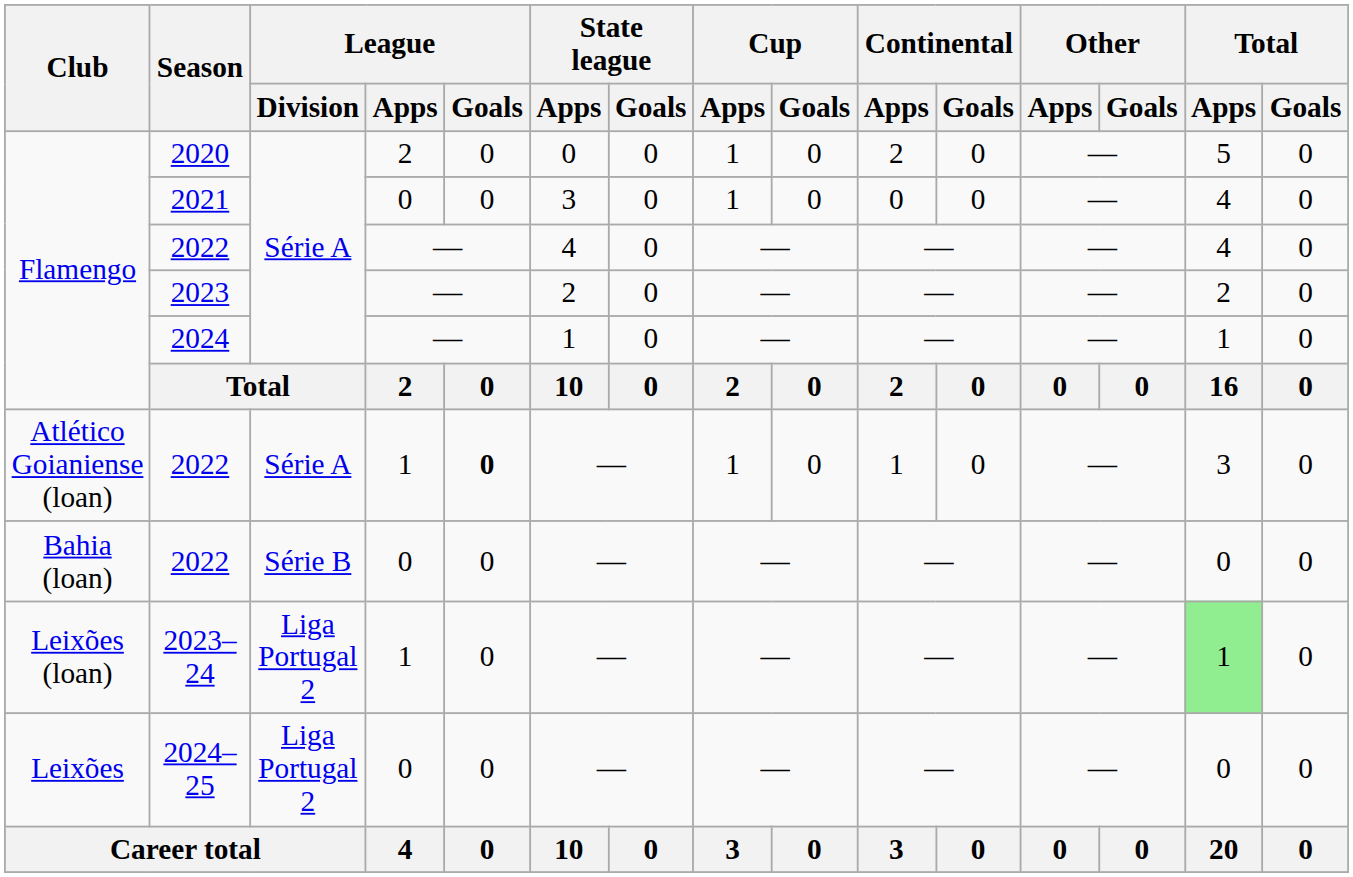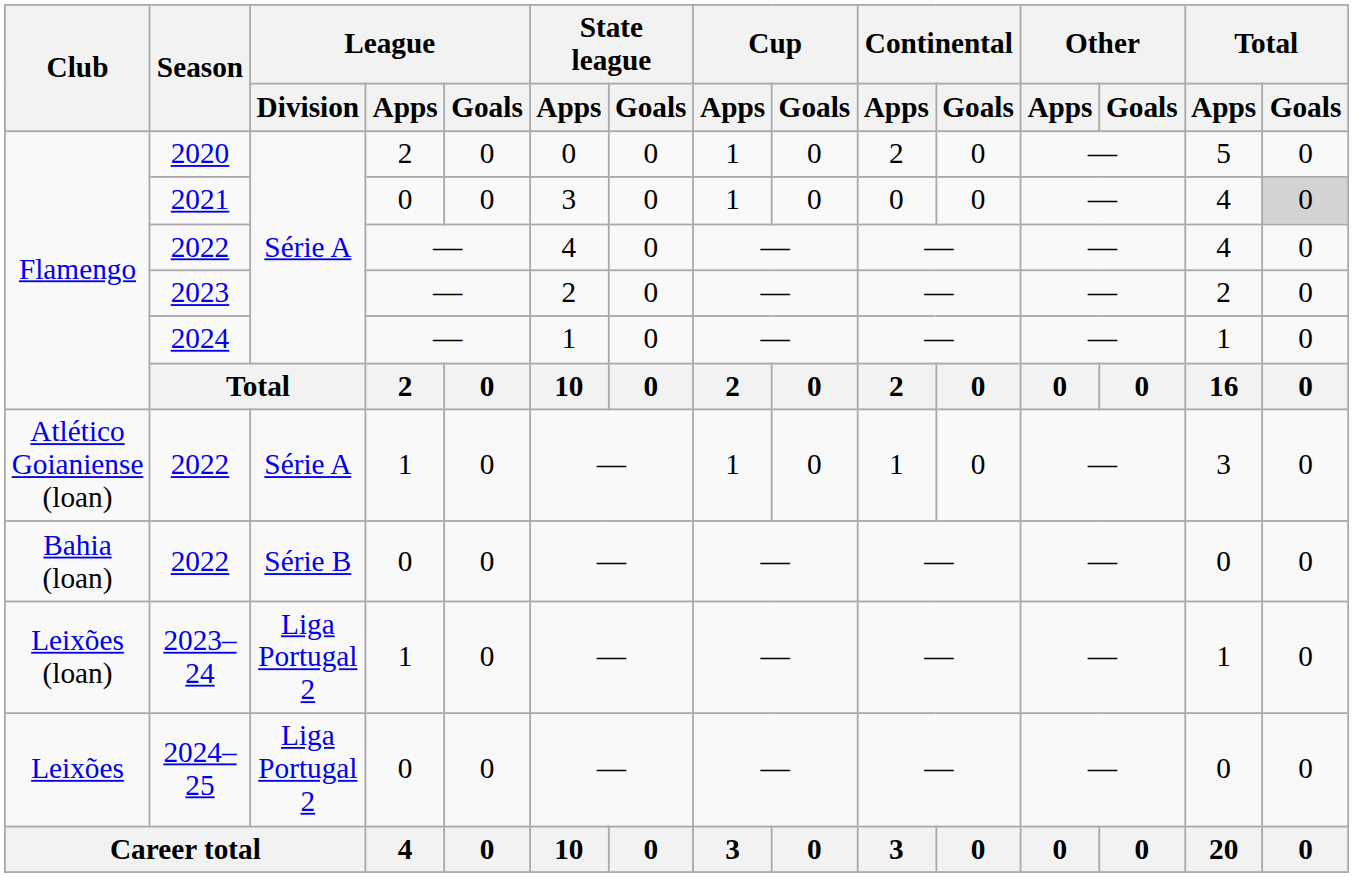 <table class="wikitable" style="text-align: center">
 <tr>
 <th rowspan="2">Club</th>
 <th rowspan="2">Season</th>
 <th colspan="3">League</th>
 <th colspan="2">State league</th>
 <th colspan="2">Cup</th>
 <th colspan="2">Continental</th>
 <th colspan="2">Other</th>
 <th colspan="2">Total</th>
 </tr>
 <tr>
 <th>Division</th>
 <th>Apps</th>
 <th>Goals</th>
 <th>Apps</th>
 <th>Goals</th>
 <th>Apps</th>
 <th>Goals</th>
 <th>Apps</th>
 <th>Goals</th>
 <th>Apps</th>
 <th>Goals</th>
 <th>Apps</th>
 <th>Goals</th>
 </tr>
 <tr>
 <td rowspan="6"><a href='#'>Flamengo</a></td>
 <td><a href='#'>2020</a></td>
 <td rowspan="5"><a href='#'>Série A</a></td>
 <td>2</td>
 <td>0</td>
 <td>0</td>
 <td>0</td>
 <td>1</td>
 <td>0</td>
 <td>2</td>
 <td>0</td>
 <td colspan="2">—</td>
 <td>5</td>
 <td>0</td>
 </tr>
 <tr>
 <td><a href='#'>2021</a></td>
 <td>0</td>
 <td>0</td>
 <td>3</td>
 <td>0</td>
 <td>1</td>
 <td>0</td>
 <td>0</td>
 <td>0</td>
 <td colspan="2">—</td>
 <td>4</td>
-<td>0</td>
+<td style="background: lightgrey;">0</td>
 </tr>
 <tr>
 <td><a href='#'>2022</a></td>
 <td colspan="2">—</td>
 <td>4</td>
 <td>0</td>
 <td colspan="2">—</td>
 <td colspan="2">—</td>
 <td colspan="2">—</td>
 <td>4</td>
 <td>0</td>
 </tr>
 <tr>
 <td><a href='#'>2023</a></td>
 <td colspan="2">—</td>
 <td>2</td>
 <td>0</td>
 <td colspan="2">—</td>
 <td colspan="2">—</td>
 <td colspan="2">—</td>
 <td>2</td>
 <td>0</td>
 </tr>
 <tr>
 <td><a href='#'>2024</a></td>
 <td colspan="2">—</td>
 <td>1</td>
 <td>0</td>
 <td colspan="2">—</td>
 <td colspan="2">—</td>
 <td colspan="2">—</td>
 <td>1</td>
 <td>0</td>
 </tr>
 <tr>
 <th colspan="2">Total</th>
 <th>2</th>
 <th>0</th>
 <th>10</th>
 <th>0</th>
 <th>2</th>
 <th>0</th>
 <th>2</th>
 <th>0</th>
 <th>0</th>
 <th>0</th>
 <th>16</th>
 <th>0</th>
 </tr>
 <tr>
 <td rowspan="1"><a href='#'>Atlético Goianiense</a> (loan)</td>
 <td><a href='#'>2022</a></td>
 <td rowspan="1"><a href='#'>Série A</a></td>
 <td>1</td>
-<td><strong>0</strong></td>
+<td>0</td>
 <td colspan="2">—</td>
 <td>1</td>
 <td>0</td>
 <td>1</td>
 <td>0</td>
 <td colspan="2">—</td>
 <td>3</td>
 <td>0</td>
 </tr>
 <tr>
 <td rowspan="1"><a href='#'>Bahia</a> (loan)</td>
 <td><a href='#'>2022</a></td>
 <td rowspan="1"><a href='#'>Série B</a></td>
 <td>0</td>
 <td>0</td>
 <td colspan="2">—</td>
 <td colspan="2">—</td>
 <td colspan="2">—</td>
 <td colspan="2">—</td>
 <td>0</td>
 <td>0</td>
 </tr>
 <tr>
 <td rowspan="1"><a href='#'>Leixões</a> (loan)</td>
 <td><a href='#'>2023–24</a></td>
 <td rowspan="1"><a href='#'>Liga Portugal 2</a></td>
 <td>1</td>
 <td>0</td>
 <td colspan="2">—</td>
 <td colspan="2">—</td>
 <td colspan="2">—</td>
 <td colspan="2">—</td>
-<td style="background: lightgreen;">1</td>
+<td>1</td>
 <td>0</td>
 </tr>
 <tr>
 <td rowspan="1"><a href='#'>Leixões</a></td>
 <td><a href='#'>2024–25</a></td>
 <td rowspan="1"><a href='#'>Liga Portugal 2</a></td>
 <td>0</td>
 <td>0</td>
 <td colspan="2">—</td>
 <td colspan="2">—</td>
 <td colspan="2">—</td>
 <td colspan="2">—</td>
 <td>0</td>
 <td>0</td>
 </tr>
 <tr>
 <th colspan="3">Career total</th>
 <th>4</th>
 <th>0</th>
 <th>10</th>
 <th>0</th>
 <th>3</th>
 <th>0</th>
 <th>3</th>
 <th>0</th>
 <th>0</th>
 <th>0</th>
 <th>20</th>
 <th>0</th>
 </tr>
 <tr>
 </tr>
 </table>
